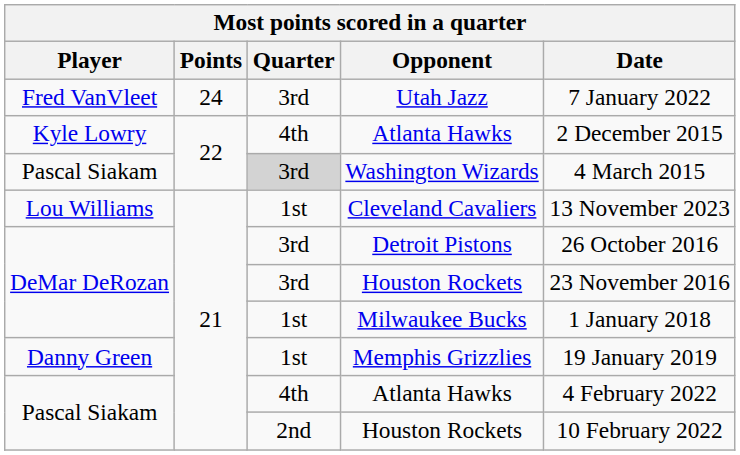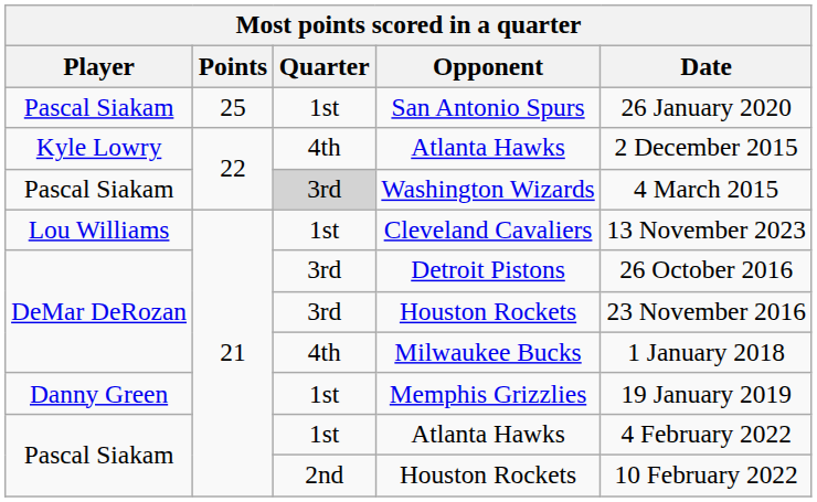 <table class="wikitable sortable" style="text-align:center">
 <tr>
 <th colspan="5">Most points scored in a quarter</th>
 </tr>
 <tr>
 <th>Player</th>
 <th>Points</th>
 <th>Quarter</th>
 <th>Opponent</th>
 <th>Date</th>
 </tr>
 <tr>
-<td><a href='#'>Fred VanVleet</a></td>
-<td>24</td>
-<td>3rd</td>
-<td><a href='#'>Utah Jazz</a></td>
-<td>7 January 2022</td>
+<td><a href='#'>Pascal Siakam</a></td>
+<td>25</td>
+<td>1st</td>
+<td><a href='#'>San Antonio Spurs</a></td>
+<td>26 January 2020</td>
 </tr>
 <tr>
 <td><a href='#'>Kyle Lowry</a></td>
 <td rowspan=2>22</td>
 <td>4th</td>
 <td><a href='#'>Atlanta Hawks</a></td>
 <td>2 December 2015</td>
 </tr>
 <tr>
 <td>Pascal Siakam</td>
 <td style="background: lightgrey;">3rd</td>
 <td><a href='#'>Washington Wizards</a></td>
 <td>4 March 2015</td>
 </tr>
 <tr>
 <td><a href='#'>Lou Williams</a></td>
 <td rowspan=7>21</td>
 <td>1st</td>
 <td><a href='#'>Cleveland Cavaliers</a></td>
 <td>13 November 2023</td>
 </tr>
 <tr>
 <td rowspan=3><a href='#'>DeMar DeRozan</a></td>
 <td>3rd</td>
 <td><a href='#'>Detroit Pistons</a></td>
 <td>26 October 2016</td>
 </tr>
 <tr>
 <td>3rd</td>
 <td><a href='#'>Houston Rockets</a></td>
 <td>23 November 2016</td>
 </tr>
 <tr>
-<td>1st</td>
+<td>4th</td>
 <td><a href='#'>Milwaukee Bucks</a></td>
 <td>1 January 2018</td>
 </tr>
 <tr>
 <td><a href='#'>Danny Green</a></td>
 <td>1st</td>
 <td><a href='#'>Memphis Grizzlies</a></td>
 <td>19 January 2019</td>
 </tr>
 <tr>
 <td rowspan=2>Pascal Siakam</td>
-<td>4th</td>
+<td>1st</td>
 <td>Atlanta Hawks</td>
 <td>4 February 2022</td>
 </tr>
 <tr>
 <td>2nd</td>
 <td>Houston Rockets</td>
 <td>10 February 2022</td>
 </tr>
 </table>
